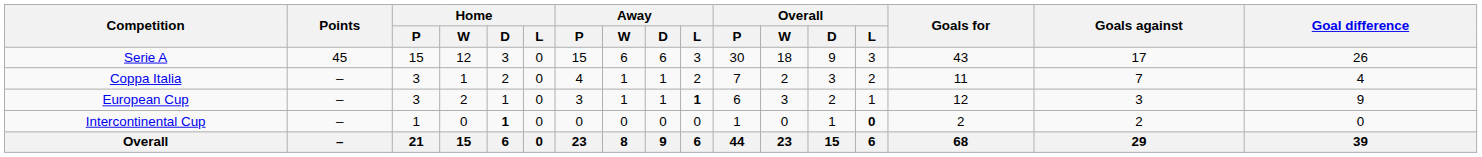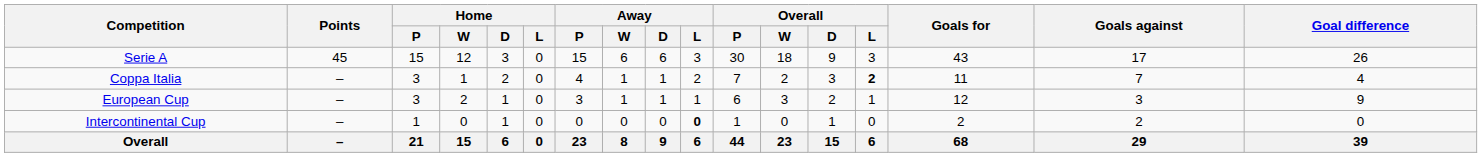 <table class = "wikitable" style="font-size:90%;width:100%;margin:auto;clear:both;text-align:center;">
 <tr>
 <th rowspan="2">Competition</th>
 <th rowspan="2">Points</th>
 <th colspan="4">Home</th>
 <th colspan="4">Away</th>
 <th colspan="4">Overall</th>
 <th rowspan="2">Goals for</th>
 <th rowspan="2">Goals against</th>
 <th rowspan="2"><a href='#'>Goal difference</a></th>
 </tr>
 <tr>
 <th>P</th>
 <th>W</th>
 <th>D</th>
 <th>L</th>
 <th>P</th>
 <th>W</th>
 <th>D</th>
 <th>L</th>
 <th>P</th>
 <th>W</th>
 <th>D</th>
 <th>L</th>
 </tr>
 <tr>
 <td><a href='#'>Serie A</a></td>
 <td>45</td>
 <td>15</td>
 <td>12</td>
 <td>3</td>
 <td>0</td>
 <td>15</td>
 <td>6</td>
 <td>6</td>
 <td>3</td>
 <td>30</td>
 <td>18</td>
 <td>9</td>
 <td>3</td>
 <td>43</td>
 <td>17</td>
 <td>26</td>
 </tr>
 <tr>
 <td><a href='#'>Coppa Italia</a></td>
 <td>–</td>
 <td>3</td>
 <td>1</td>
 <td>2</td>
 <td>0</td>
 <td>4</td>
 <td>1</td>
 <td>1</td>
 <td>2</td>
 <td>7</td>
 <td>2</td>
 <td>3</td>
-<td>2</td>
+<td><strong>2</strong></td>
 <td>11</td>
 <td>7</td>
 <td>4</td>
 </tr>
 <tr>
 <td><a href='#'>European Cup</a></td>
 <td>–</td>
 <td>3</td>
 <td>2</td>
 <td>1</td>
 <td>0</td>
 <td>3</td>
 <td>1</td>
 <td>1</td>
-<td><strong>1</strong></td>
+<td>1</td>
 <td>6</td>
 <td>3</td>
 <td>2</td>
 <td>1</td>
 <td>12</td>
 <td>3</td>
 <td>9</td>
 </tr>
 <tr>
 <td><a href='#'>Intercontinental Cup</a></td>
 <td>–</td>
 <td>1</td>
 <td>0</td>
-<td><strong>1</strong></td>
+<td>1</td>
 <td>0</td>
 <td>0</td>
 <td>0</td>
 <td>0</td>
+<td><strong>0</strong></td>
+<td>1</td>
 <td>0</td>
 <td>1</td>
 <td>0</td>
-<td>1</td>
-<td><strong>0</strong></td>
 <td>2</td>
 <td>2</td>
 <td>0</td>
 </tr>
 <tr>
 <th>Overall</th>
 <th>–</th>
 <th>21</th>
 <th>15</th>
 <th>6</th>
 <th>0</th>
 <th>23</th>
 <th>8</th>
 <th>9</th>
 <th>6</th>
 <th>44</th>
 <th>23</th>
 <th>15</th>
 <th>6</th>
 <th>68</th>
 <th>29</th>
 <th>39</th>
 </tr>
 </table>
